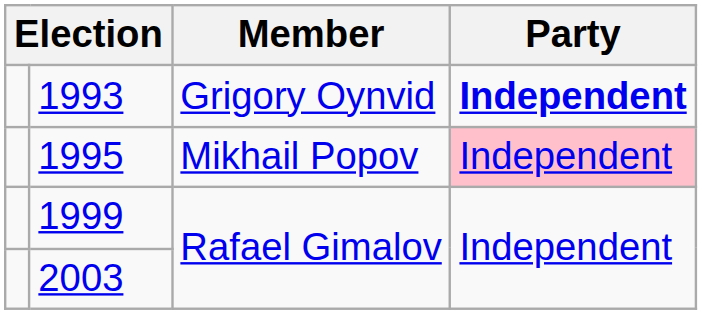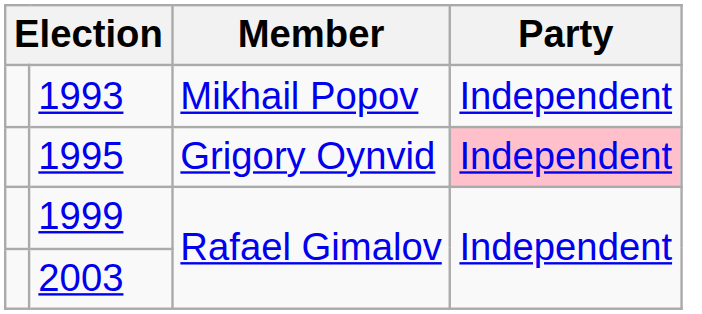 <table class="wikitable">
 <tr>
 <th colspan="2">Election</th>
 <th>Member</th>
 <th>Party</th>
 </tr>
 <tr>
 <td style="background-color:"></td>
 <td><a href='#'>1993</a></td>
-<td><a href='#'>Grigory Oynvid</a></td>
-<td><strong><a href='#'>Independent</a></strong></td>
+<td><a href='#'>Mikhail Popov</a></td>
+<td><a href='#'>Independent</a></td>
 </tr>
 <tr>
 <td style="background-color:"></td>
 <td><a href='#'>1995</a></td>
-<td><a href='#'>Mikhail Popov</a></td>
+<td><a href='#'>Grigory Oynvid</a></td>
 <td style="background: pink;"><a href='#'>Independent</a></td>
 </tr>
 <tr>
 <td style="background-color:"></td>
 <td><a href='#'>1999</a></td>
 <td rowspan=2><a href='#'>Rafael Gimalov</a></td>
 <td rowspan=2><a href='#'>Independent</a></td>
 </tr>
 <tr>
 <td style="background-color:"></td>
 <td><a href='#'>2003</a></td>
 </tr>
 </table>
